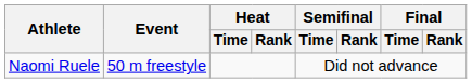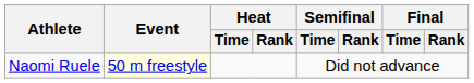 <table class="wikitable" style="text-align:center; font-size:90%">
 <tr>
 <th rowspan="2">Athlete</th>
 <th rowspan="2">Event</th>
 <th colspan="2">Heat</th>
 <th colspan="2">Semifinal</th>
 <th colspan="2">Final</th>
 </tr>
 <tr style="font-size:95%">
 <th>Time</th>
 <th>Rank</th>
 <th>Time</th>
 <th>Rank</th>
 <th>Time</th>
 <th>Rank</th>
 </tr>
 <tr>
 <td align=left><a href='#'>Naomi Ruele</a></td>
-<td align=left><a href='#'>50 m freestyle</a></td>
+<td align=left style="background: lightyellow;"><a href='#'>50 m freestyle</a></td>
 <td colspan=2></td>
 <td colspan=4>Did not advance</td>
 </tr>
 </table>
